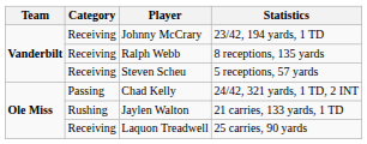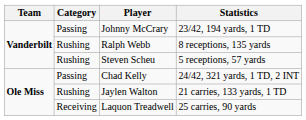 <table class="wikitable" style="float: right;">
 <tr>
 <th>Team</th>
 <th>Category</th>
 <th>Player</th>
 <th>Statistics</th>
 </tr>
 <tr>
 <td rowspan=3><strong>Vanderbilt</strong></td>
-<td>Receiving</td>
+<td>Passing</td>
 <td>Johnny McCrary</td>
 <td>23/42, 194 yards, 1 TD</td>
 </tr>
 <tr>
-<td>Receiving</td>
+<td>Rushing</td>
 <td>Ralph Webb</td>
 <td>8 receptions, 135 yards</td>
 </tr>
 <tr>
-<td>Receiving</td>
+<td>Rushing</td>
 <td>Steven Scheu</td>
 <td>5 receptions, 57 yards</td>
 </tr>
 <tr>
 <td rowspan=3><strong>Ole Miss</strong></td>
 <td>Passing</td>
 <td>Chad Kelly</td>
 <td>24/42, 321 yards, 1 TD, 2 INT</td>
 </tr>
 <tr>
 <td>Rushing</td>
 <td>Jaylen Walton</td>
 <td>21 carries, 133 yards, 1 TD</td>
 </tr>
 <tr>
 <td>Receiving</td>
 <td>Laquon Treadwell</td>
 <td>25 carries, 90 yards</td>
 </tr>
 </table>
